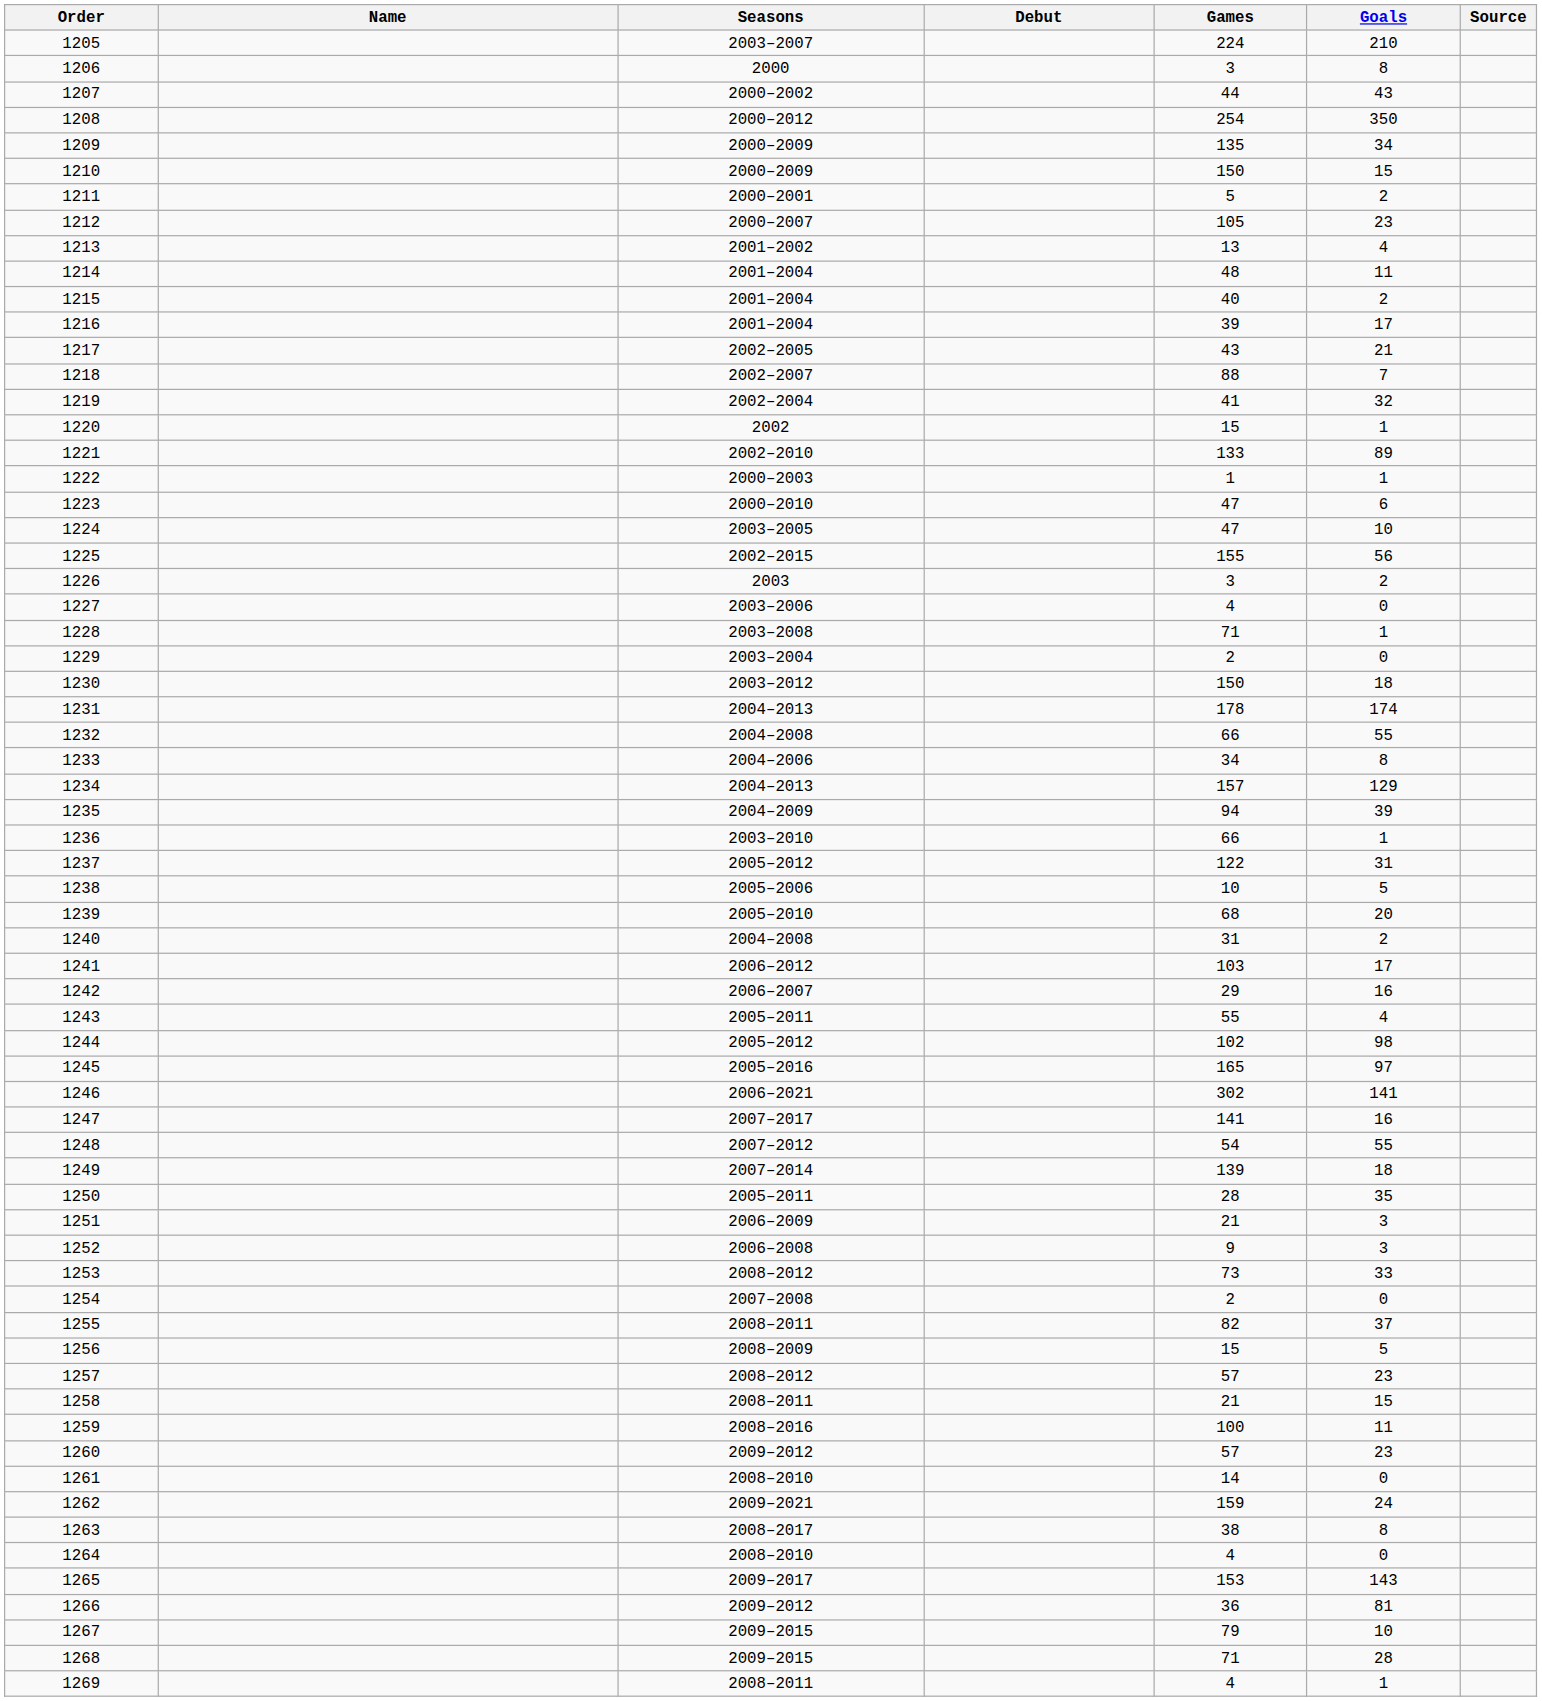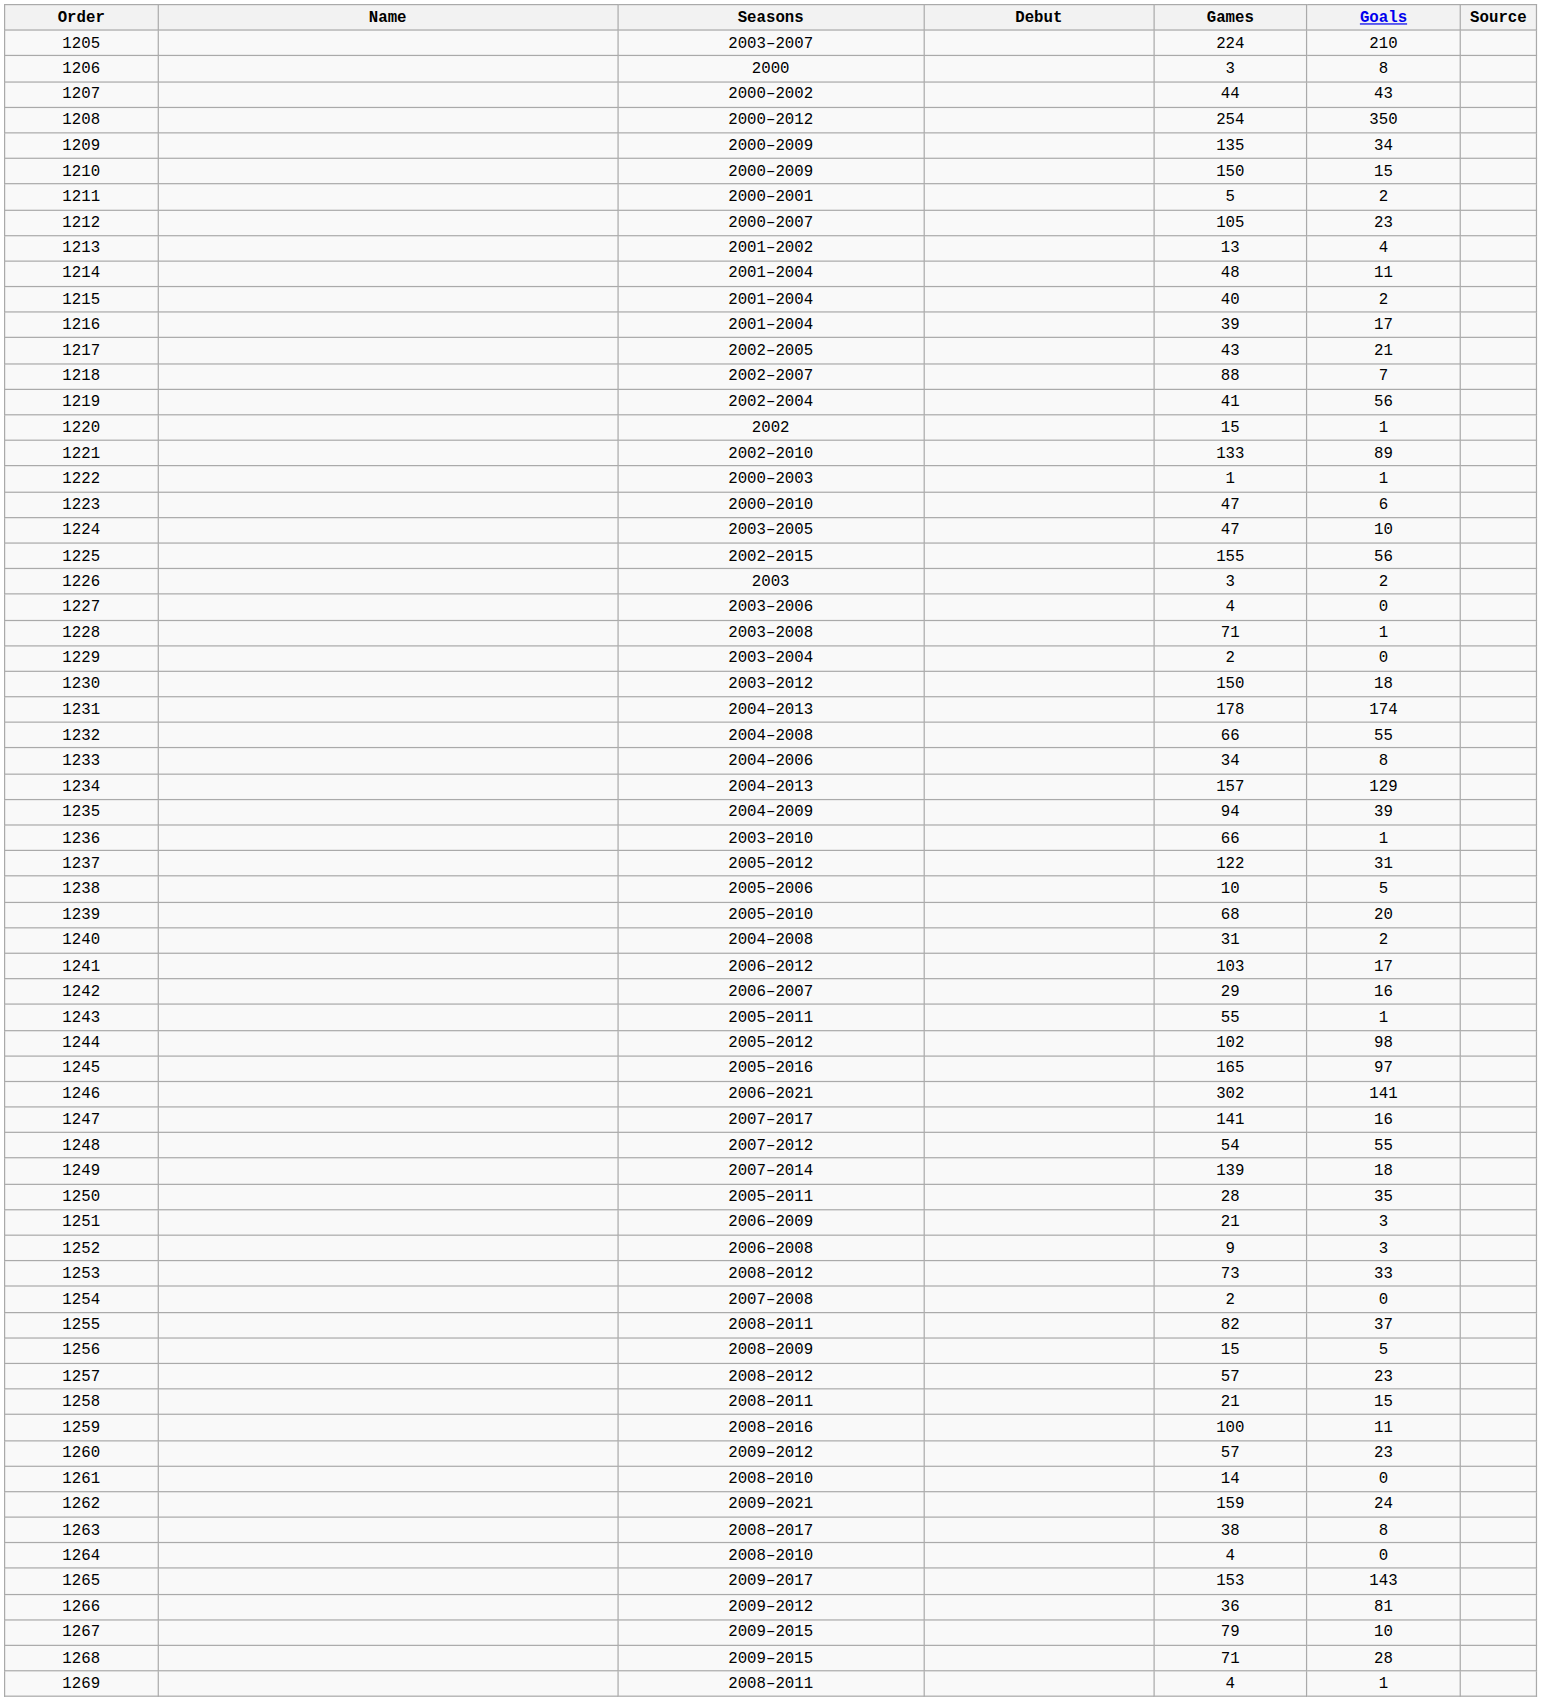 <table class="wikitable sortable" style="text-align:center; width:80%;">
 <tr>
 <th style="width=10%">Order</th>
 <th style="width:30%">Name</th>
 <th style="width:20%">Seasons</th>
 <th style="width:15%">Debut</th>
 <th style="width:10%">Games</th>
 <th style="width:10%"><a href='#'>Goals</a></th>
 <th class="unsortable" style="width:5%">Source</th>
 </tr>
 <tr>
 <td>1205</td>
 <td align=left></td>
 <td>2003–2007</td>
 <td></td>
 <td>224</td>
 <td>210</td>
 <td></td>
 </tr>
 <tr>
 <td>1206</td>
 <td align=left></td>
 <td>2000</td>
 <td></td>
 <td>3</td>
 <td>8</td>
 <td></td>
 </tr>
 <tr>
 <td>1207</td>
 <td align=left></td>
 <td>2000–2002</td>
 <td></td>
 <td>44</td>
 <td>43</td>
 <td></td>
 </tr>
 <tr>
 <td>1208</td>
 <td align=left></td>
 <td>2000–2012</td>
 <td></td>
 <td>254</td>
 <td>350</td>
 <td></td>
 </tr>
 <tr>
 <td>1209</td>
 <td align=left></td>
 <td>2000–2009</td>
 <td></td>
 <td>135</td>
 <td>34</td>
 <td></td>
 </tr>
 <tr>
 <td>1210</td>
 <td align=left></td>
 <td>2000–2009</td>
 <td></td>
 <td>150</td>
 <td>15</td>
 <td></td>
 </tr>
 <tr>
 <td>1211</td>
 <td align=left></td>
 <td>2000–2001</td>
 <td></td>
 <td>5</td>
 <td>2</td>
 <td></td>
 </tr>
 <tr>
 <td>1212</td>
 <td align=left></td>
 <td>2000–2007</td>
 <td></td>
 <td>105</td>
 <td>23</td>
 <td></td>
 </tr>
 <tr>
 <td>1213</td>
 <td align=left></td>
 <td>2001–2002</td>
 <td></td>
 <td>13</td>
 <td>4</td>
 <td></td>
 </tr>
 <tr>
 <td>1214</td>
 <td align=left></td>
 <td>2001–2004</td>
 <td></td>
 <td>48</td>
 <td>11</td>
 <td></td>
 </tr>
 <tr>
 <td>1215</td>
 <td align=left></td>
 <td>2001–2004</td>
 <td></td>
 <td>40</td>
 <td>2</td>
 <td></td>
 </tr>
 <tr>
 <td>1216</td>
 <td align=left></td>
 <td>2001–2004</td>
 <td></td>
 <td>39</td>
 <td>17</td>
 <td></td>
 </tr>
 <tr>
 <td>1217</td>
 <td align=left></td>
 <td>2002–2005</td>
 <td></td>
 <td>43</td>
 <td>21</td>
 <td></td>
 </tr>
 <tr>
 <td>1218</td>
 <td align=left></td>
 <td>2002–2007</td>
 <td></td>
 <td>88</td>
 <td>7</td>
 <td></td>
 </tr>
 <tr>
 <td>1219</td>
 <td align=left></td>
 <td>2002–2004</td>
 <td></td>
 <td>41</td>
-<td>32</td>
+<td>56</td>
 <td></td>
 </tr>
 <tr>
 <td>1220</td>
 <td align=left></td>
 <td>2002</td>
 <td></td>
 <td>15</td>
 <td>1</td>
 <td></td>
 </tr>
 <tr>
 <td>1221</td>
 <td align=left></td>
 <td>2002–2010</td>
 <td></td>
 <td>133</td>
 <td>89</td>
 <td></td>
 </tr>
 <tr>
 <td>1222</td>
 <td align=left></td>
 <td>2000–2003</td>
 <td></td>
 <td>1</td>
 <td>1</td>
 <td></td>
 </tr>
 <tr>
 <td>1223</td>
 <td align=left></td>
 <td>2000–2010</td>
 <td></td>
 <td>47</td>
 <td>6</td>
 <td></td>
 </tr>
 <tr>
 <td>1224</td>
 <td align=left></td>
 <td>2003–2005</td>
 <td></td>
 <td>47</td>
 <td>10</td>
 <td></td>
 </tr>
 <tr>
 <td>1225</td>
 <td align=left></td>
 <td>2002–2015</td>
 <td></td>
 <td>155</td>
 <td>56</td>
 <td></td>
 </tr>
 <tr>
 <td>1226</td>
 <td align=left></td>
 <td>2003</td>
 <td></td>
 <td>3</td>
 <td>2</td>
 <td></td>
 </tr>
 <tr>
 <td>1227</td>
 <td align=left></td>
 <td>2003–2006</td>
 <td></td>
 <td>4</td>
 <td>0</td>
 <td></td>
 </tr>
 <tr>
 <td>1228</td>
 <td align=left></td>
 <td>2003–2008</td>
 <td></td>
 <td>71</td>
 <td>1</td>
 <td></td>
 </tr>
 <tr>
 <td>1229</td>
 <td align=left></td>
 <td>2003–2004</td>
 <td></td>
 <td>2</td>
 <td>0</td>
 <td></td>
 </tr>
 <tr>
 <td>1230</td>
 <td align=left></td>
 <td>2003–2012</td>
 <td></td>
 <td>150</td>
 <td>18</td>
 <td></td>
 </tr>
 <tr>
 <td>1231</td>
 <td align=left></td>
 <td>2004–2013</td>
 <td></td>
 <td>178</td>
 <td>174</td>
 <td></td>
 </tr>
 <tr>
 <td>1232</td>
 <td align=left></td>
 <td>2004–2008</td>
 <td></td>
 <td>66</td>
 <td>55</td>
 <td></td>
 </tr>
 <tr>
 <td>1233</td>
 <td align=left></td>
 <td>2004–2006</td>
 <td></td>
 <td>34</td>
 <td>8</td>
 <td></td>
 </tr>
 <tr>
 <td>1234</td>
 <td align=left></td>
 <td>2004–2013</td>
 <td></td>
 <td>157</td>
 <td>129</td>
 <td></td>
 </tr>
 <tr>
 <td>1235</td>
 <td align=left></td>
 <td>2004–2009</td>
 <td></td>
 <td>94</td>
 <td>39</td>
 <td></td>
 </tr>
 <tr>
 <td>1236</td>
 <td align=left></td>
 <td>2003–2010</td>
 <td></td>
 <td>66</td>
 <td>1</td>
 <td></td>
 </tr>
 <tr>
 <td>1237</td>
 <td align=left></td>
 <td>2005–2012</td>
 <td></td>
 <td>122</td>
 <td>31</td>
 <td></td>
 </tr>
 <tr>
 <td>1238</td>
 <td align=left></td>
 <td>2005–2006</td>
 <td></td>
 <td>10</td>
 <td>5</td>
 <td></td>
 </tr>
 <tr>
 <td>1239</td>
 <td align=left></td>
 <td>2005–2010</td>
 <td></td>
 <td>68</td>
 <td>20</td>
 <td></td>
 </tr>
 <tr>
 <td>1240</td>
 <td align=left></td>
 <td>2004–2008</td>
 <td></td>
 <td>31</td>
 <td>2</td>
 <td></td>
 </tr>
 <tr>
 <td>1241</td>
 <td align=left></td>
 <td>2006–2012</td>
 <td></td>
 <td>103</td>
 <td>17</td>
 <td></td>
 </tr>
 <tr>
 <td>1242</td>
 <td align=left></td>
 <td>2006–2007</td>
 <td></td>
 <td>29</td>
 <td>16</td>
 <td></td>
 </tr>
 <tr>
 <td>1243</td>
 <td align=left></td>
 <td>2005–2011</td>
 <td></td>
 <td>55</td>
-<td>4</td>
+<td>1</td>
 <td></td>
 </tr>
 <tr>
 <td>1244</td>
 <td align=left></td>
 <td>2005–2012</td>
 <td></td>
 <td>102</td>
 <td>98</td>
 <td></td>
 </tr>
 <tr>
 <td>1245</td>
 <td align=left></td>
 <td>2005–2016</td>
 <td></td>
 <td>165</td>
 <td>97</td>
 <td></td>
 </tr>
 <tr>
 <td>1246</td>
 <td style="text-align:left"></td>
 <td>2006–2021</td>
 <td></td>
 <td>302</td>
 <td>141</td>
 <td></td>
 </tr>
 <tr>
 <td>1247</td>
 <td align=left></td>
 <td>2007–2017</td>
 <td></td>
 <td>141</td>
 <td>16</td>
 <td></td>
 </tr>
 <tr>
 <td>1248</td>
 <td align=left></td>
 <td>2007–2012</td>
 <td></td>
 <td>54</td>
 <td>55</td>
 <td></td>
 </tr>
 <tr>
 <td>1249</td>
 <td align=left></td>
 <td>2007–2014</td>
 <td></td>
 <td>139</td>
 <td>18</td>
 <td></td>
 </tr>
 <tr>
 <td>1250</td>
 <td align=left></td>
 <td>2005–2011</td>
 <td></td>
 <td>28</td>
 <td>35</td>
 <td></td>
 </tr>
 <tr>
 <td>1251</td>
 <td align=left></td>
 <td>2006–2009</td>
 <td></td>
 <td>21</td>
 <td>3</td>
 <td></td>
 </tr>
 <tr>
 <td>1252</td>
 <td align=left></td>
 <td>2006–2008</td>
 <td></td>
 <td>9</td>
 <td>3</td>
 <td></td>
 </tr>
 <tr>
 <td>1253</td>
 <td align=left></td>
 <td>2008–2012</td>
 <td></td>
 <td>73</td>
 <td>33</td>
 <td></td>
 </tr>
 <tr>
 <td>1254</td>
 <td align=left></td>
 <td>2007–2008</td>
 <td></td>
 <td>2</td>
 <td>0</td>
 <td></td>
 </tr>
 <tr>
 <td>1255</td>
 <td align=left></td>
 <td>2008–2011</td>
 <td></td>
 <td>82</td>
 <td>37</td>
 <td></td>
 </tr>
 <tr>
 <td>1256</td>
 <td align=left></td>
 <td>2008–2009</td>
 <td></td>
 <td>15</td>
 <td>5</td>
 <td></td>
 </tr>
 <tr>
 <td>1257</td>
 <td align=left></td>
 <td>2008–2012</td>
 <td></td>
 <td>57</td>
 <td>23</td>
 <td></td>
 </tr>
 <tr>
 <td>1258</td>
 <td align=left></td>
 <td>2008–2011</td>
 <td></td>
 <td>21</td>
 <td>15</td>
 <td></td>
 </tr>
 <tr>
 <td>1259</td>
 <td align=left></td>
 <td>2008–2016</td>
 <td></td>
 <td>100</td>
 <td>11</td>
 <td></td>
 </tr>
 <tr>
 <td>1260</td>
 <td align=left></td>
 <td>2009–2012</td>
 <td></td>
 <td>57</td>
 <td>23</td>
 <td></td>
 </tr>
 <tr>
 <td>1261</td>
 <td align=left></td>
 <td>2008–2010</td>
 <td></td>
 <td>14</td>
 <td>0</td>
 <td></td>
 </tr>
 <tr>
 <td>1262</td>
 <td style="text-align:left"></td>
 <td>2009–2021</td>
 <td></td>
 <td>159</td>
 <td>24</td>
 <td></td>
 </tr>
 <tr>
 <td>1263</td>
 <td align=left></td>
 <td>2008–2017</td>
 <td></td>
 <td>38</td>
 <td>8</td>
 <td></td>
 </tr>
 <tr>
 <td>1264</td>
 <td align=left></td>
 <td>2008–2010</td>
 <td></td>
 <td>4</td>
 <td>0</td>
 <td></td>
 </tr>
 <tr>
 <td>1265</td>
 <td align=left></td>
 <td>2009–2017</td>
 <td></td>
 <td>153</td>
 <td>143</td>
 <td></td>
 </tr>
 <tr>
 <td>1266</td>
 <td align=left></td>
 <td>2009–2012</td>
 <td></td>
 <td>36</td>
 <td>81</td>
 <td></td>
 </tr>
 <tr>
 <td>1267</td>
 <td align=left></td>
 <td>2009–2015</td>
 <td></td>
 <td>79</td>
 <td>10</td>
 <td></td>
 </tr>
 <tr>
 <td>1268</td>
 <td align=left></td>
 <td>2009–2015</td>
 <td></td>
 <td>71</td>
 <td>28</td>
 <td></td>
 </tr>
 <tr>
 <td>1269</td>
 <td align=left></td>
 <td>2008–2011</td>
 <td></td>
 <td>4</td>
 <td>1</td>
 <td></td>
 </tr>
 </table>
